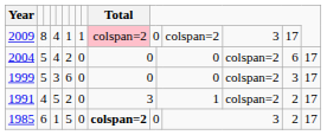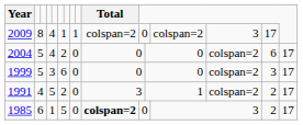 <table class="wikitable" style="text-align:right; padding-left:1em">
 <tr>
 <th align="left">Year</th>
 <td></td>
 <td></td>
 <td></td>
 <td></td>
 <td></td>
 <td></td>
 <td></td>
 <td></td>
 <th align="left">Total</th>
 </tr>
 <tr>
 <td align=left><a href='#'>2009</a></td>
 <td colspan=2>8</td>
 <td colspan=2>4</td>
 <td colspan=2>1</td>
 <td colspan=2>1</td>
-<td style="background: pink;">colspan=2 </td>
+<td>colspan=2 </td>
 <td colspan=2>0</td>
 <td>colspan=2 </td>
 <td colspan=2>3</td>
 <td>17</td>
 </tr>
 <tr>
 <td align=left><a href='#'>2004</a></td>
 <td colspan=2>5</td>
 <td colspan=2>4</td>
 <td colspan=2>2</td>
 <td colspan=2>0</td>
 <td colspan=2>0</td>
 <td colspan=2>0</td>
 <td>colspan=2 </td>
 <td colspan=2>6</td>
 <td>17</td>
 </tr>
 <tr>
 <td align=left><a href='#'>1999</a></td>
 <td colspan=2>5</td>
 <td colspan=2>3</td>
 <td colspan=2>6</td>
 <td colspan=2>0</td>
 <td colspan=2>0</td>
 <td colspan=2>0</td>
 <td>colspan=2 </td>
 <td colspan=2>3</td>
 <td>17</td>
 </tr>
 <tr>
 <td align=left><a href='#'>1991</a></td>
 <td colspan=2>4</td>
 <td colspan=2>5</td>
 <td colspan=2>2</td>
 <td colspan=2>0</td>
 <td colspan=2>3</td>
 <td colspan=2>1</td>
 <td>colspan=2 </td>
 <td colspan=2>2</td>
 <td>17</td>
 </tr>
 <tr>
 <td align=left><a href='#'>1985</a></td>
 <td colspan=2>6</td>
 <td colspan=2>1</td>
 <td colspan=2>5</td>
 <td colspan=2>0</td>
 <td><strong>colspan=2 </strong></td>
 <td colspan=2>0</td>
 <td colspan=2>3</td>
 <td colspan=2>2</td>
 <td>17</td>
 </tr>
 </table>
